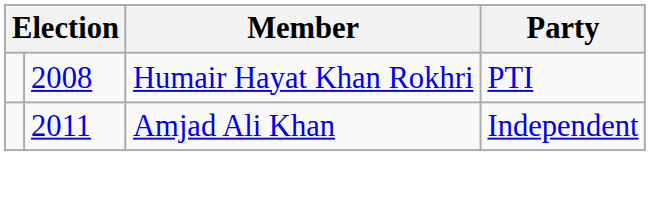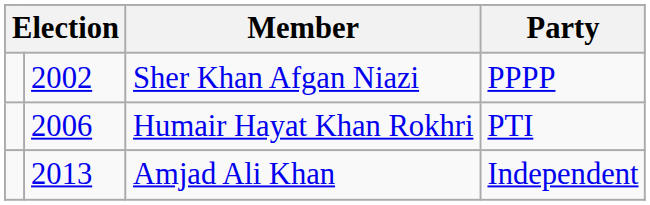 <table class="wikitable">
 <tr>
 <th colspan="2">Election</th>
 <th>Member</th>
 <th>Party</th>
 </tr>
 <tr>
 <td style="background-color: "></td>
-<td><a href='#'>2008</a></td>
+<td><a href='#'>2002</a></td>
+<td><a href='#'>Sher Khan Afgan Niazi</a></td>
+<td><a href='#'>PPPP</a></td>
+</tr>
+<tr>
+<td style="background-color: "></td>
+<td><a href='#'>2006</a></td>
 <td><a href='#'>Humair Hayat Khan Rokhri</a></td>
 <td><a href='#'>PTI</a></td>
 </tr>
 <tr>
 <td style="background-color: "></td>
-<td><a href='#'>2011</a></td>
+<td><a href='#'>2013</a></td>
 <td><a href='#'>Amjad Ali Khan</a></td>
 <td><a href='#'>Independent</a></td>
 </tr>
 </table>
